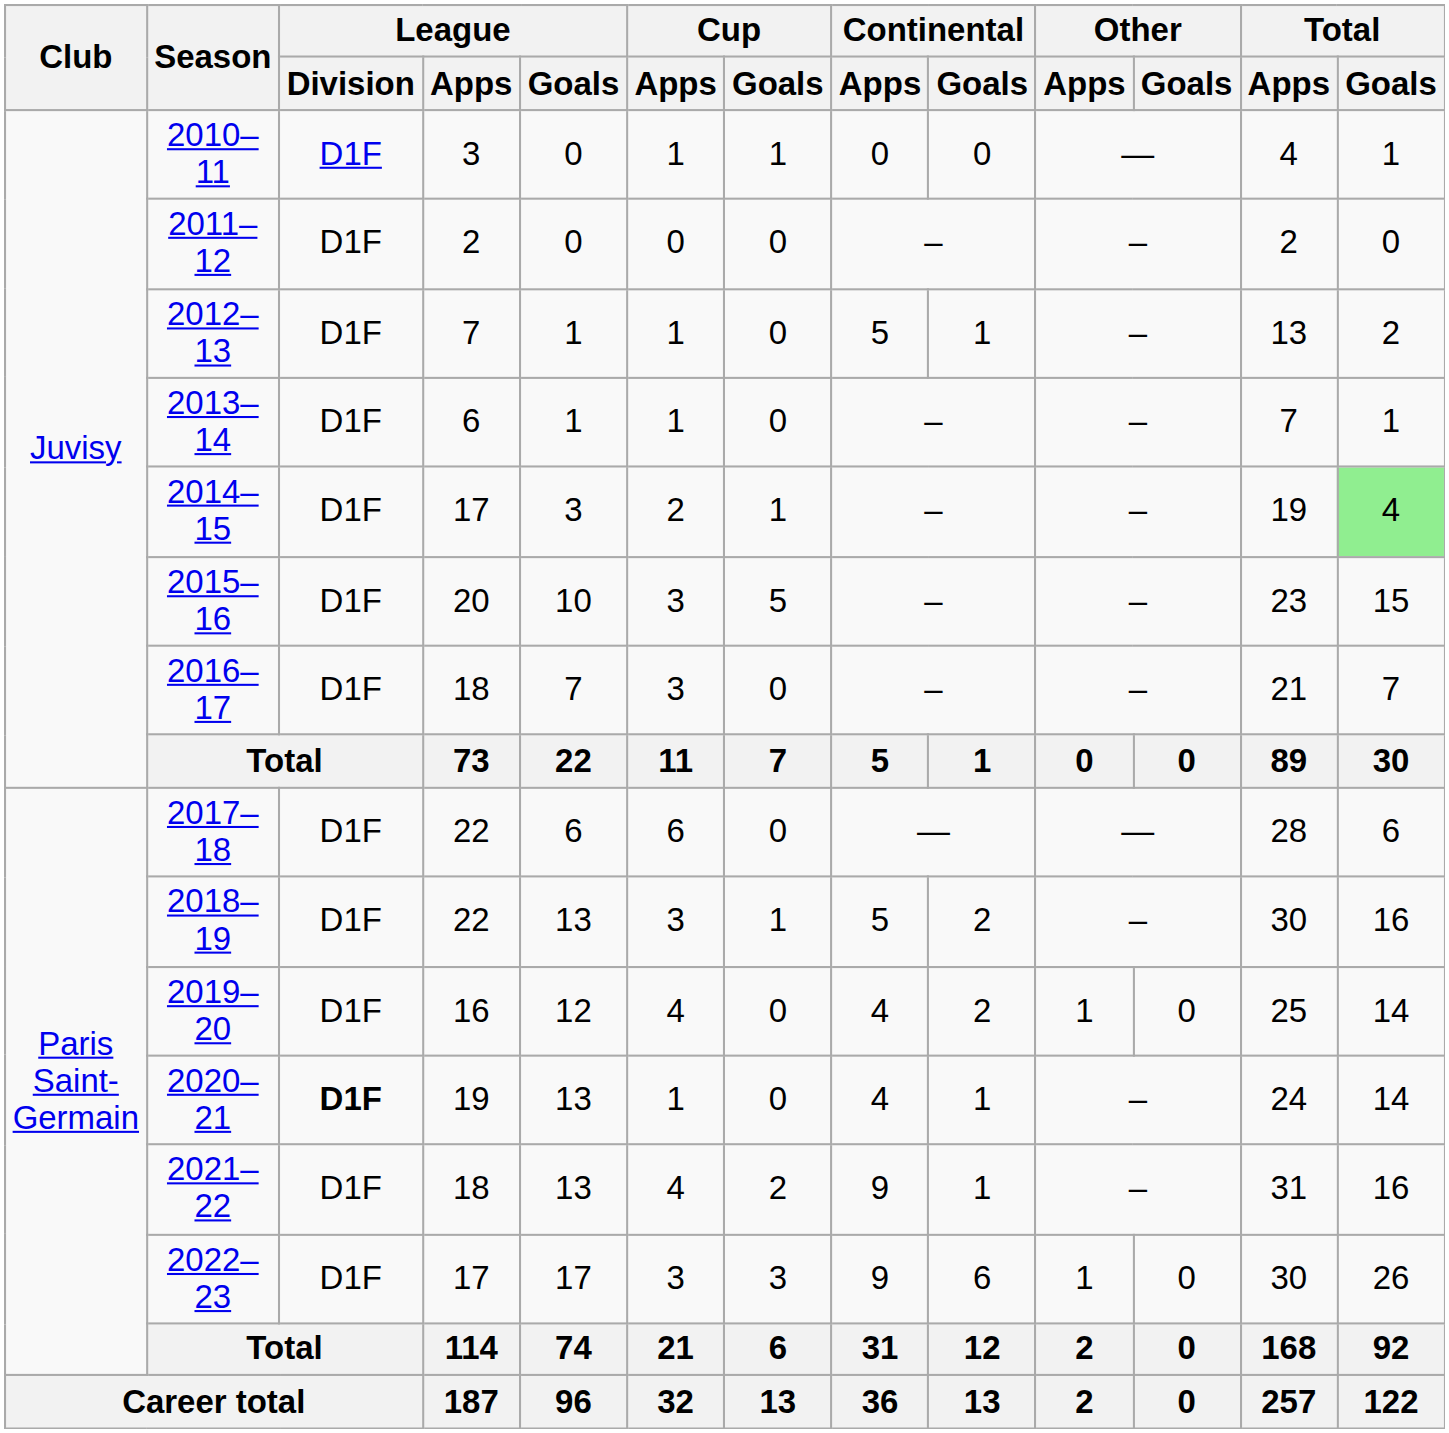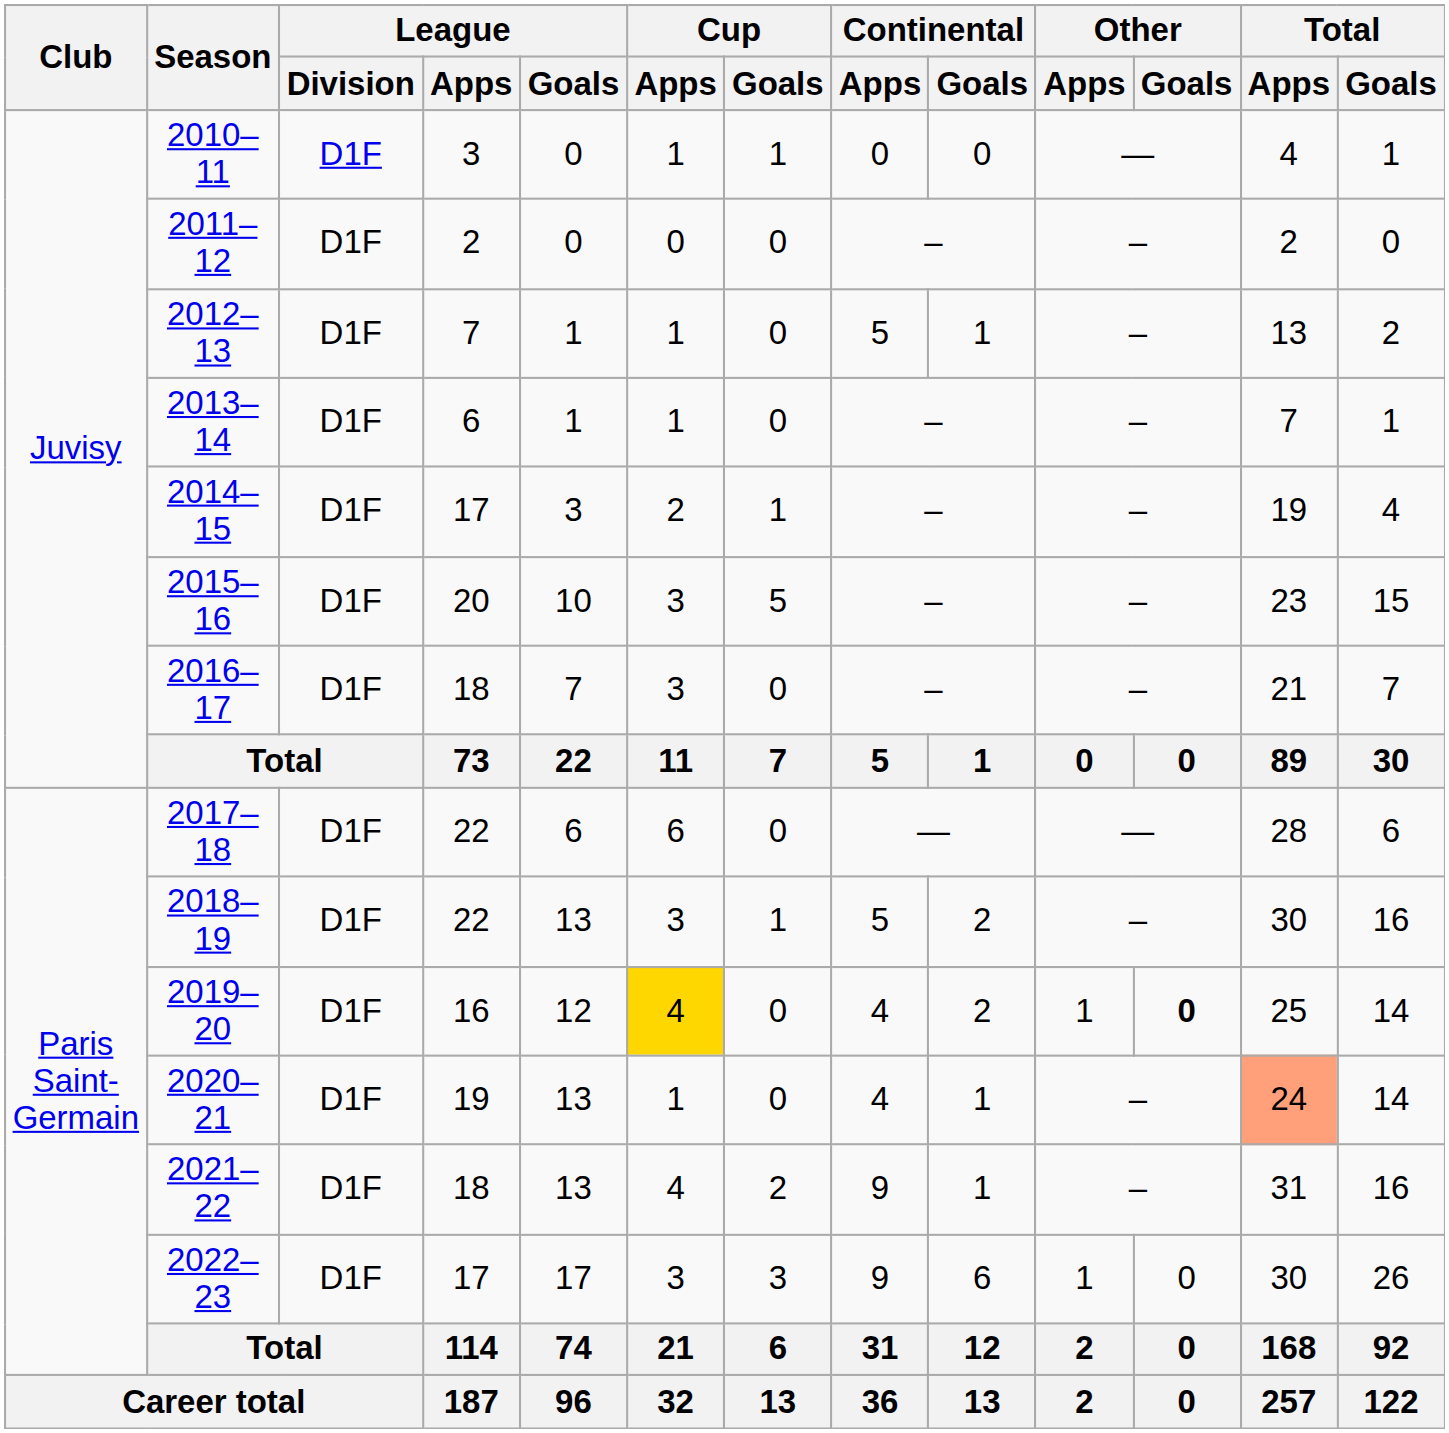 <table class="wikitable" Style="text-align: center">
 <tr>
 <th rowspan="2">Club</th>
 <th rowspan="2">Season</th>
 <th colspan="3">League</th>
 <th colspan="2">Cup</th>
 <th colspan="2">Continental</th>
 <th colspan="2">Other</th>
 <th colspan="2">Total</th>
 </tr>
 <tr>
 <th>Division</th>
 <th>Apps</th>
 <th>Goals</th>
 <th>Apps</th>
 <th>Goals</th>
 <th>Apps</th>
 <th>Goals</th>
 <th>Apps</th>
 <th>Goals</th>
 <th>Apps</th>
 <th>Goals</th>
 </tr>
 <tr>
 <td rowspan="8"><a href='#'>Juvisy</a></td>
 <td><a href='#'>2010–11</a></td>
 <td><a href='#'>D1F</a></td>
 <td>3</td>
 <td>0</td>
 <td>1</td>
 <td>1</td>
 <td>0</td>
 <td>0</td>
 <td colspan="2">—</td>
 <td>4</td>
 <td>1</td>
 </tr>
 <tr>
 <td><a href='#'>2011–12</a></td>
 <td>D1F</td>
 <td>2</td>
 <td>0</td>
 <td>0</td>
 <td>0</td>
 <td colspan="2">–</td>
 <td colspan="2">–</td>
 <td>2</td>
 <td>0</td>
 </tr>
 <tr>
 <td><a href='#'>2012–13</a></td>
 <td>D1F</td>
 <td>7</td>
 <td>1</td>
 <td>1</td>
 <td>0</td>
 <td>5</td>
 <td>1</td>
 <td colspan="2">–</td>
 <td>13</td>
 <td>2</td>
 </tr>
 <tr>
 <td><a href='#'>2013–14</a></td>
 <td>D1F</td>
 <td>6</td>
 <td>1</td>
 <td>1</td>
 <td>0</td>
 <td colspan="2">–</td>
 <td colspan="2">–</td>
 <td>7</td>
 <td>1</td>
 </tr>
 <tr>
 <td><a href='#'>2014–15</a></td>
 <td>D1F</td>
 <td>17</td>
 <td>3</td>
 <td>2</td>
 <td>1</td>
 <td colspan="2">–</td>
 <td colspan="2">–</td>
 <td>19</td>
-<td style="background: lightgreen;">4</td>
+<td>4</td>
 </tr>
 <tr>
 <td><a href='#'>2015–16</a></td>
 <td>D1F</td>
 <td>20</td>
 <td>10</td>
 <td>3</td>
 <td>5</td>
 <td colspan="2">–</td>
 <td colspan="2">–</td>
 <td>23</td>
 <td>15</td>
 </tr>
 <tr>
 <td><a href='#'>2016–17</a></td>
 <td>D1F</td>
 <td>18</td>
 <td>7</td>
 <td>3</td>
 <td>0</td>
 <td colspan="2">–</td>
 <td colspan="2">–</td>
 <td>21</td>
 <td>7</td>
 </tr>
 <tr>
 <th colspan="2">Total</th>
 <th>73</th>
 <th>22</th>
 <th>11</th>
 <th>7</th>
 <th>5</th>
 <th>1</th>
 <th>0</th>
 <th>0</th>
 <th>89</th>
 <th>30</th>
 </tr>
 <tr>
 <td rowspan="7"><a href='#'>Paris Saint-Germain</a></td>
 <td><a href='#'>2017–18</a></td>
 <td>D1F</td>
 <td>22</td>
 <td>6</td>
 <td>6</td>
 <td>0</td>
 <td colspan="2">—</td>
 <td colspan="2">—</td>
 <td>28</td>
 <td>6</td>
 </tr>
 <tr>
 <td><a href='#'>2018–19</a></td>
 <td>D1F</td>
 <td>22</td>
 <td>13</td>
 <td>3</td>
 <td>1</td>
 <td>5</td>
 <td>2</td>
 <td colspan="2">–</td>
 <td>30</td>
 <td>16</td>
 </tr>
 <tr>
 <td><a href='#'>2019–20</a></td>
 <td>D1F</td>
 <td>16</td>
 <td>12</td>
-<td>4</td>
+<td style="background: gold;">4</td>
 <td>0</td>
 <td>4</td>
 <td>2</td>
 <td>1</td>
-<td>0</td>
+<td><strong>0</strong></td>
 <td>25</td>
 <td>14</td>
 </tr>
 <tr>
 <td><a href='#'>2020–21</a></td>
-<td><strong>D1F</strong></td>
+<td>D1F</td>
 <td>19</td>
 <td>13</td>
 <td>1</td>
 <td>0</td>
 <td>4</td>
 <td>1</td>
 <td colspan="2">–</td>
-<td>24</td>
+<td style="background: lightsalmon;">24</td>
 <td>14</td>
 </tr>
 <tr>
 <td><a href='#'>2021–22</a></td>
 <td>D1F</td>
 <td>18</td>
 <td>13</td>
 <td>4</td>
 <td>2</td>
 <td>9</td>
 <td>1</td>
 <td colspan="2">–</td>
 <td>31</td>
 <td>16</td>
 </tr>
 <tr>
 <td><a href='#'>2022–23</a></td>
 <td>D1F</td>
 <td>17</td>
 <td>17</td>
 <td>3</td>
 <td>3</td>
 <td>9</td>
 <td>6</td>
 <td>1</td>
 <td>0</td>
 <td>30</td>
 <td>26</td>
 </tr>
 <tr>
 <th colspan="2">Total</th>
 <th>114</th>
 <th>74</th>
 <th>21</th>
 <th>6</th>
 <th>31</th>
 <th>12</th>
 <th>2</th>
 <th>0</th>
 <th>168</th>
 <th>92</th>
 </tr>
 <tr>
 <th colspan="3">Career total</th>
 <th>187</th>
 <th>96</th>
 <th>32</th>
 <th>13</th>
 <th>36</th>
 <th>13</th>
 <th>2</th>
 <th>0</th>
 <th>257</th>
 <th>122</th>
 </tr>
 </table>
